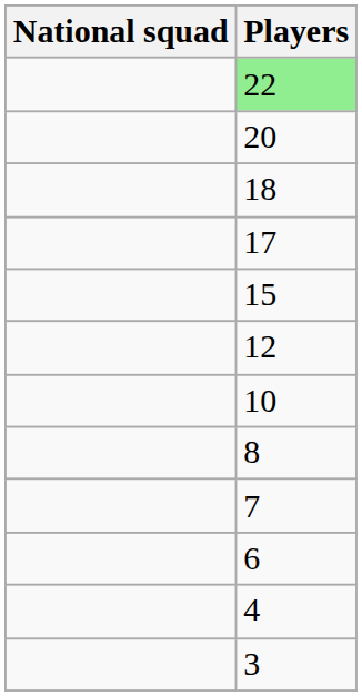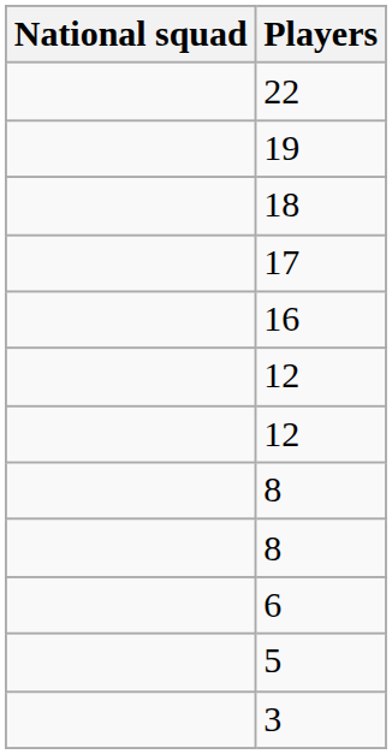 <table class="wikitable sortable">
 <tr>
 <th>National squad</th>
 <th>Players</th>
 </tr>
 <tr>
 <td></td>
-<td style="background: lightgreen;">22</td>
+<td>22</td>
 </tr>
 <tr>
 <td></td>
-<td>20</td>
+<td>19</td>
 </tr>
 <tr>
 <td></td>
 <td>18</td>
 </tr>
 <tr>
 <td></td>
 <td>17</td>
 </tr>
 <tr>
 <td></td>
-<td>15</td>
+<td>16</td>
 </tr>
 <tr>
 <td></td>
 <td>12</td>
 </tr>
 <tr>
 <td></td>
-<td>10</td>
+<td>12</td>
 </tr>
 <tr>
 <td></td>
 <td>8</td>
 </tr>
 <tr>
 <td></td>
-<td>7</td>
+<td>8</td>
 </tr>
 <tr>
 <td></td>
 <td>6</td>
 </tr>
 <tr>
 <td></td>
-<td>4</td>
+<td>5</td>
 </tr>
 <tr>
 <td></td>
 <td>3</td>
 </tr>
 </table>
